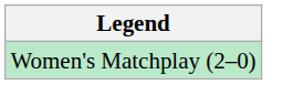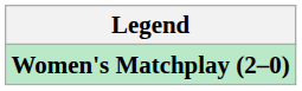 <table class="wikitable">
 <tr>
 <th>Legend</th>
 </tr>
 <tr style="background:#B9E9C9;">
-<td>Women's Matchplay (2–0)</td>
+<td><strong>Women's Matchplay (2–0)</strong></td>
 </tr>
 </table>
